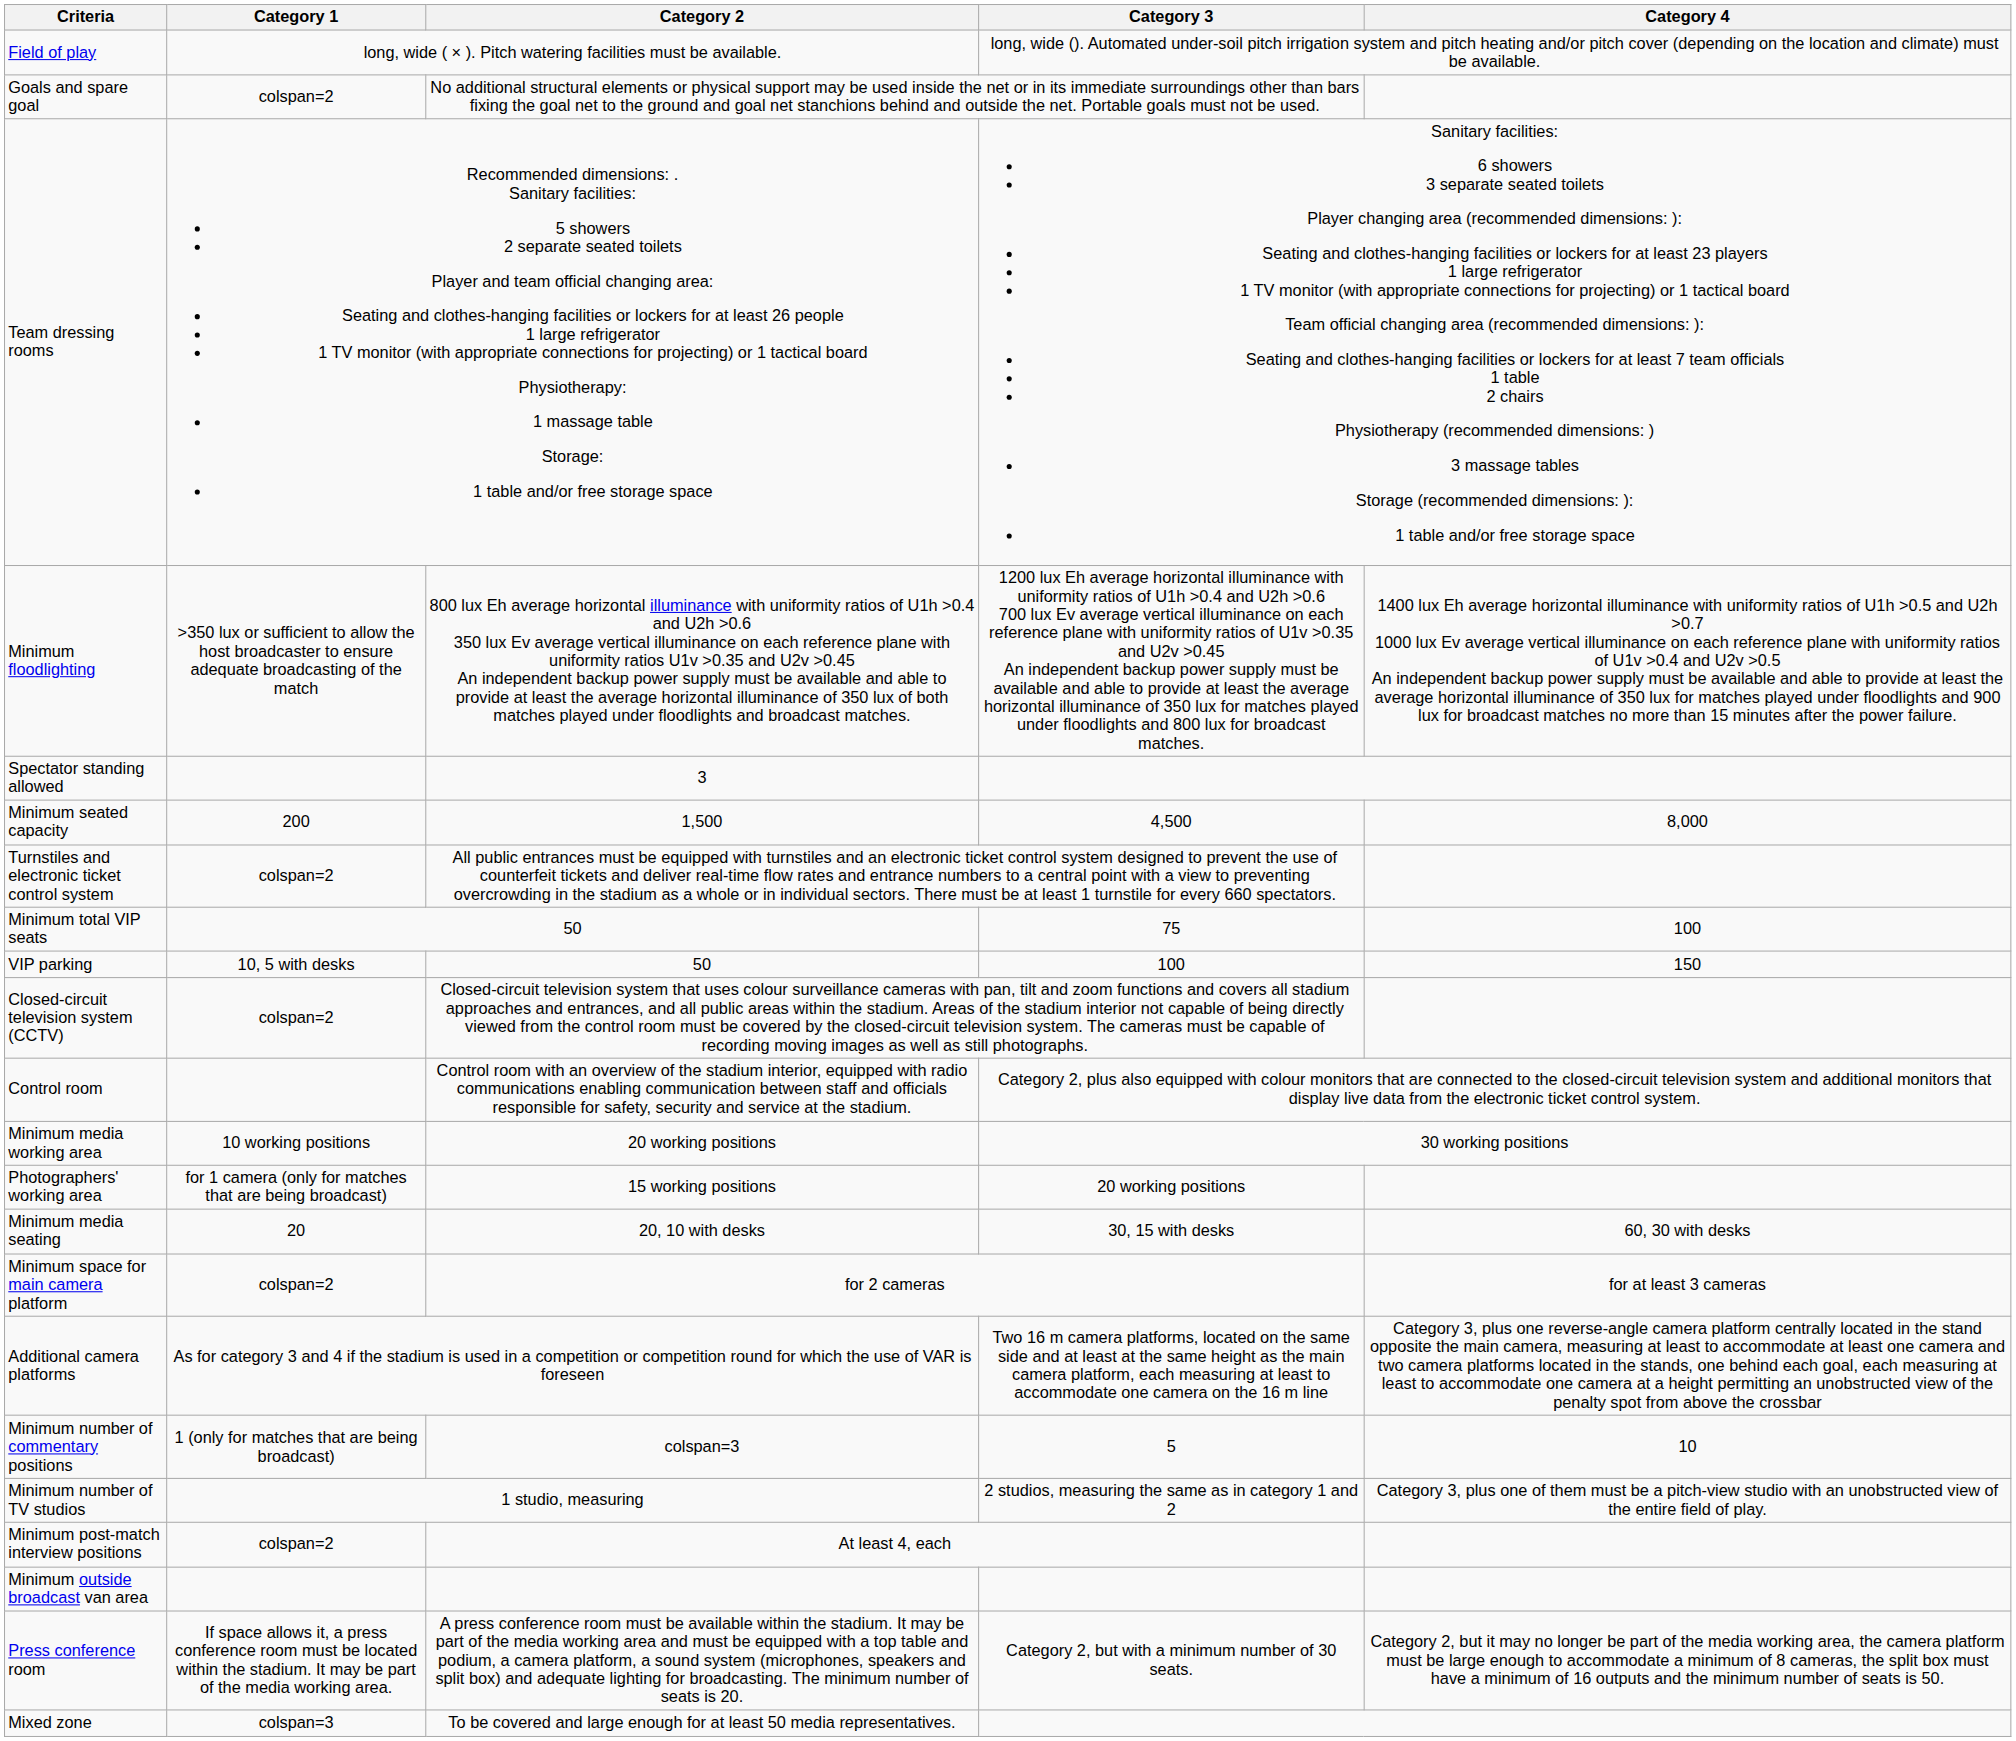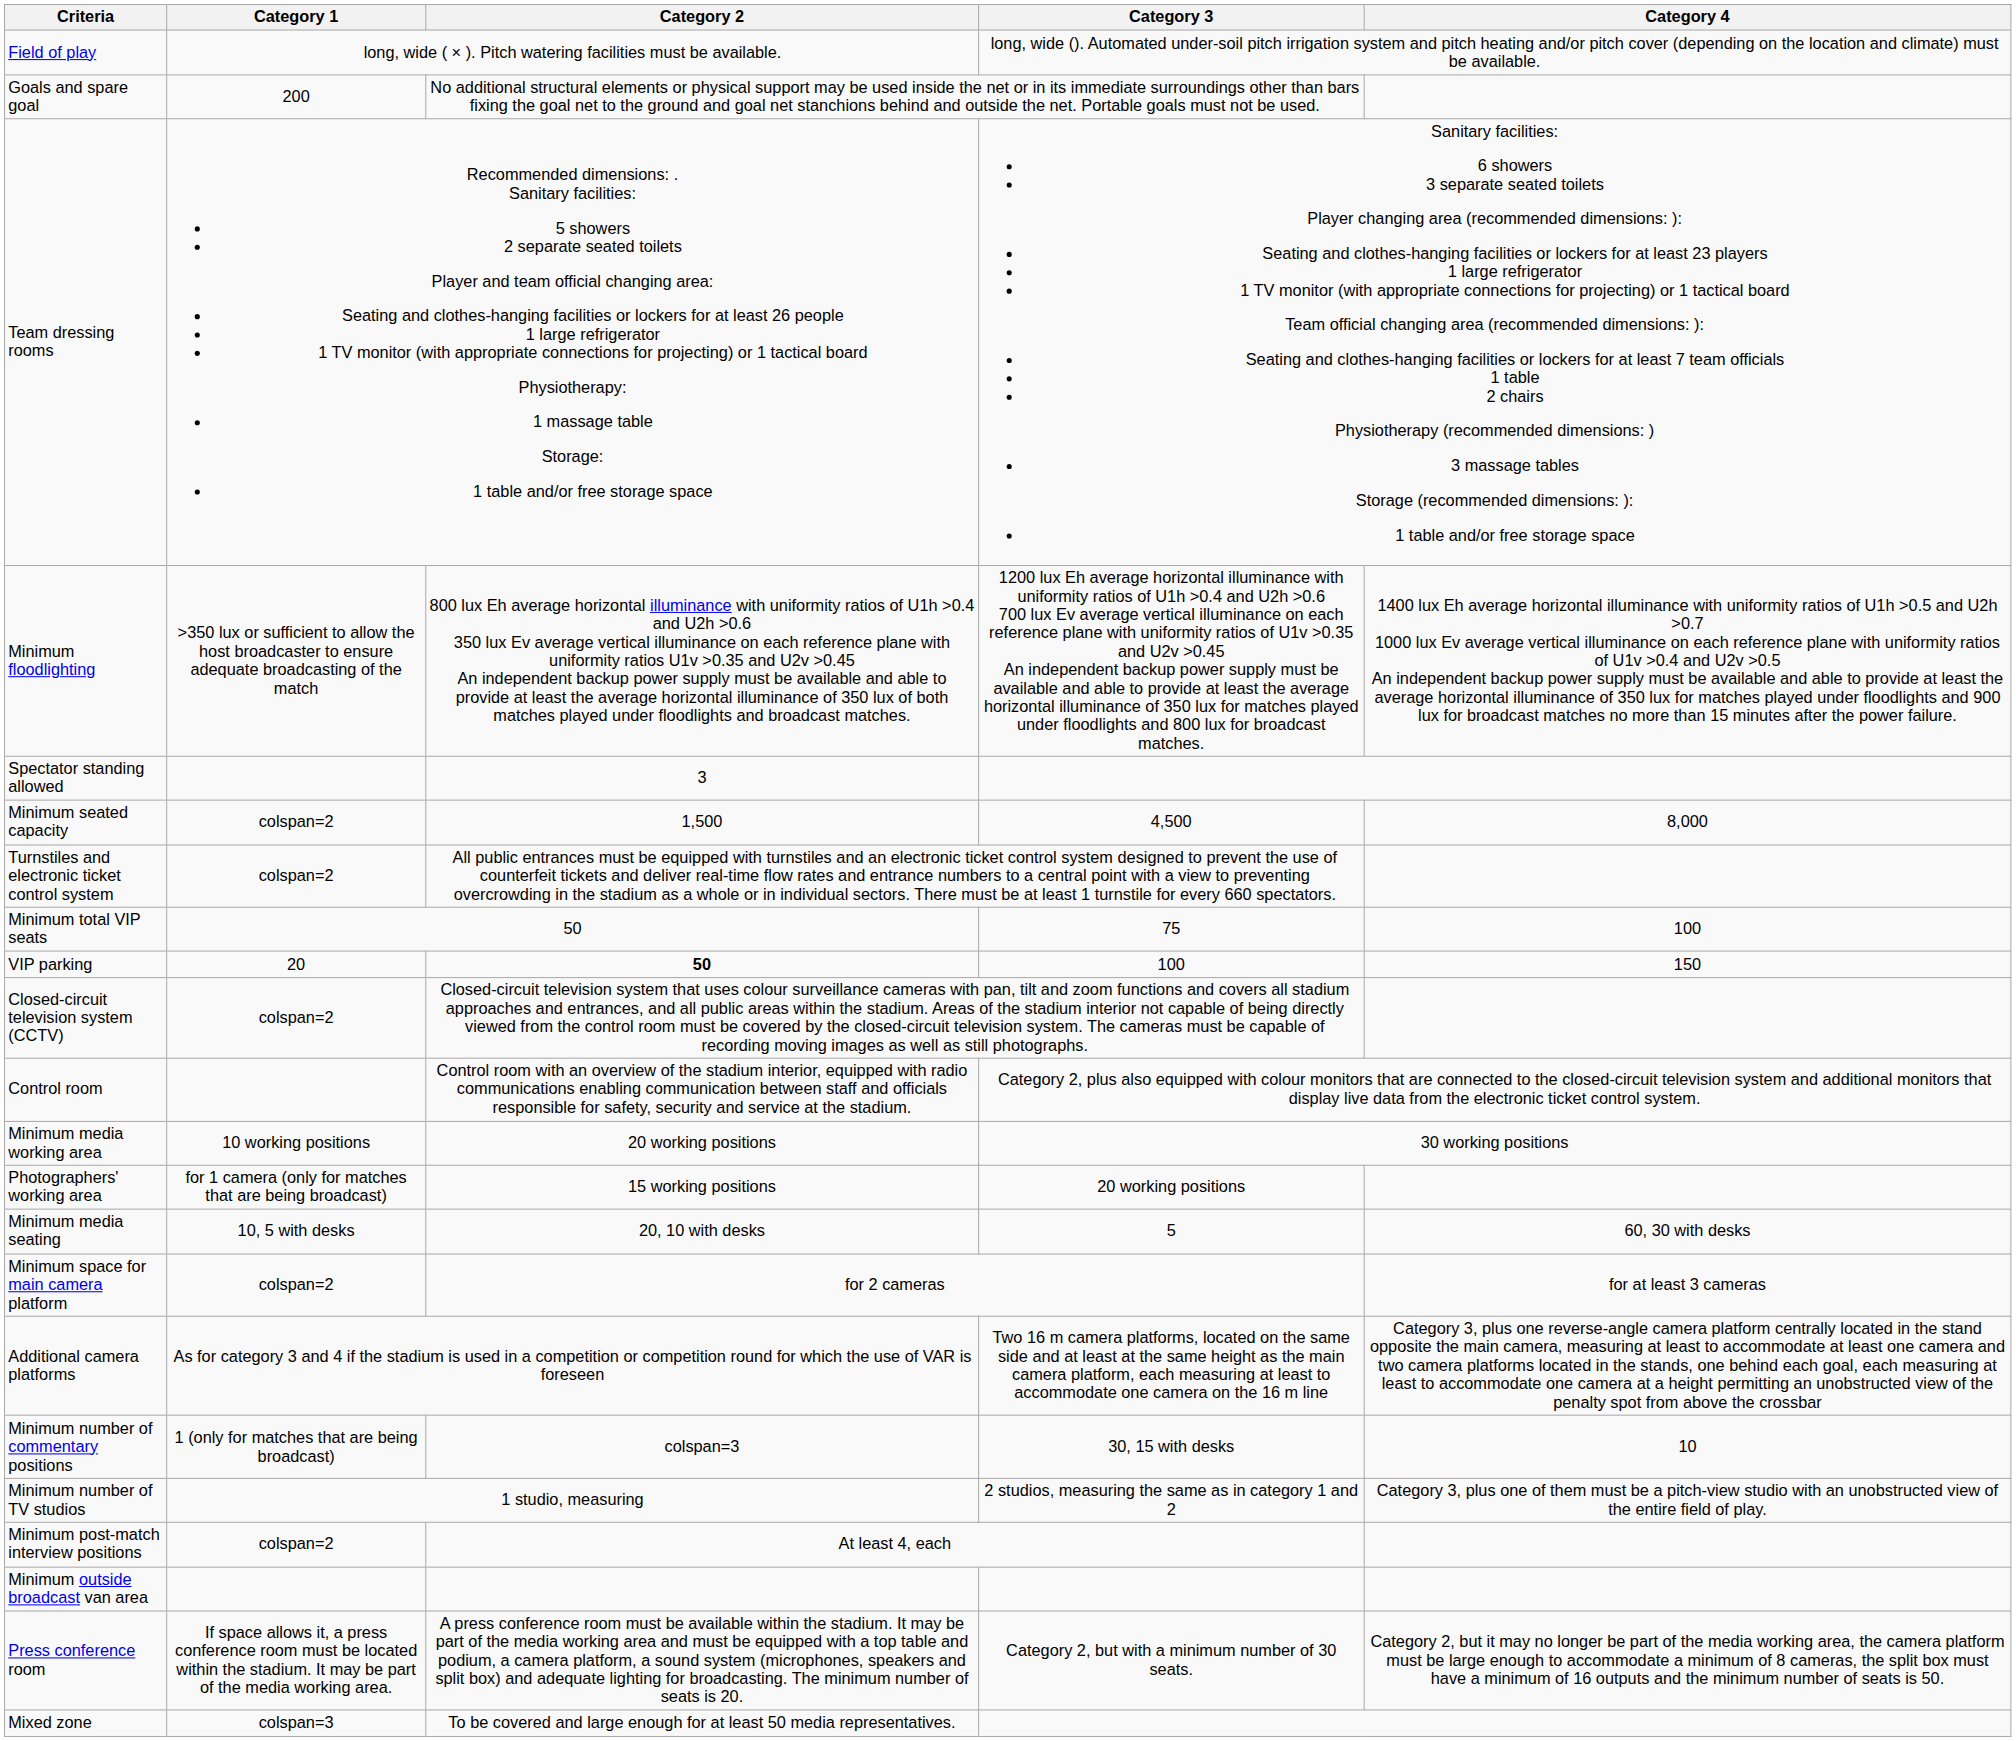 <table class="wikitable">
 <tr>
 <th>Criteria</th>
 <th>Category 1</th>
 <th>Category 2</th>
 <th>Category 3</th>
 <th>Category 4</th>
 </tr>
 <tr align=center>
 <td align=left><a href='#'>Field of play</a></td>
 <td colspan=2> long,  wide ( × ). Pitch watering facilities must be available.</td>
 <td colspan=2> long,  wide (). Automated under-soil pitch irrigation system and pitch heating and/or pitch cover (depending on the location and climate) must be available.</td>
 </tr>
 <tr align=center>
 <td align=left>Goals and spare goal</td>
-<td>colspan=2                                    </td>
+<td>200</td>
 <td colspan=2>No additional structural elements or physical support may be used inside the net or in its immediate surroundings other than bars fixing the goal net to the ground and goal net stanchions behind and outside the net. Portable goals must not be used.</td>
 </tr>
 <tr align=center>
 <td align=left>Team dressing rooms</td>
 <td colspan="2">Recommended dimensions: .<br>Sanitary facilities:<br><ul><li>5 showers</li><li>2 separate seated toilets</li></ul>Player and team official changing area:<ul><li>Seating and clothes-hanging facilities or lockers for at least 26 people</li><li>1 large refrigerator</li><li>1 TV monitor (with appropriate connections for projecting) or 1 tactical board</li></ul>Physiotherapy:<ul><li>1 massage table</li></ul>Storage:<ul><li>1 table and/or free storage space</li></ul></td>
 <td colspan="2">Sanitary facilities:<br><ul><li>6 showers</li><li>3 separate seated toilets</li></ul>Player changing area (recommended dimensions: ):<ul><li>Seating and clothes-hanging facilities or lockers for at least 23 players</li><li>1 large refrigerator</li><li>1 TV monitor (with appropriate connections for projecting) or 1 tactical board</li></ul>Team official changing area (recommended dimensions: ):<ul><li>Seating and clothes-hanging facilities or lockers for at least 7 team officials</li><li>1 table</li><li>2 chairs</li></ul>Physiotherapy (recommended dimensions: )<ul><li>3 massage tables</li></ul>Storage (recommended dimensions: ):<ul><li>1 table and/or free storage space</li></ul></td>
 </tr>
 <tr align=center>
 <td align=left>Minimum <a href='#'>floodlighting</a></td>
 <td>>350 lux or sufficient to allow the host broadcaster to ensure adequate broadcasting of the match</td>
 <td>800 lux Eh average horizontal <a href='#'>illuminance</a> with uniformity ratios of U1h >0.4 and U2h >0.6<br>350 lux Ev average vertical illuminance on each reference plane with uniformity ratios U1v >0.35 and U2v >0.45<br>An independent backup power supply must be available and able to provide at least the average horizontal illuminance of 350 lux of both matches played under floodlights and broadcast matches.</td>
 <td>1200 lux Eh average horizontal illuminance with uniformity ratios of U1h >0.4 and U2h >0.6<br>700 lux Ev average vertical illuminance on each reference plane with uniformity ratios of U1v >0.35 and U2v >0.45<br>An independent backup power supply must be available and able to provide at least the average horizontal illuminance of 350 lux for matches played under floodlights and 800 lux for broadcast matches.</td>
 <td>1400 lux Eh average horizontal illuminance with uniformity ratios of U1h >0.5 and U2h >0.7<br>1000 lux Ev average vertical illuminance on each reference plane with uniformity ratios of U1v >0.4 and U2v >0.5<br>An independent backup power supply must be available and able to provide at least the average horizontal illuminance of 350 lux for matches played under floodlights and 900 lux for broadcast matches no more than 15 minutes after the power failure.</td>
 </tr>
 <tr align=center>
 <td align=left>Spectator standing allowed</td>
 <td></td>
 <td>3</td>
 </tr>
 <tr align=center>
 <td align=left>Minimum seated capacity</td>
-<td>200</td>
+<td>colspan=2                                    </td>
 <td>1,500</td>
 <td>4,500</td>
 <td>8,000</td>
 </tr>
 <tr align=center>
 <td align=left>Turnstiles and electronic ticket control system</td>
 <td>colspan=2     </td>
 <td colspan="2">All public entrances must be equipped with turnstiles and an electronic ticket control system designed to prevent the use of counterfeit tickets and deliver real-time flow rates and entrance numbers to a central point with a view to preventing overcrowding in the stadium as a whole or in individual sectors. There must be at least 1 turnstile for every 660 spectators.</td>
 </tr>
 <tr align=center>
 <td align=left>Minimum total VIP seats</td>
 <td colspan=2>50</td>
 <td>75</td>
 <td>100</td>
 </tr>
 <tr align=center>
 <td align=left>VIP parking</td>
-<td>10,  5 with desks</td>
-<td>50</td>
+<td>20</td>
+<td><strong>50</strong></td>
 <td>100</td>
 <td>150</td>
 </tr>
 <tr align=center>
 <td align=left>Closed-circuit television system (CCTV)</td>
 <td>colspan=2     </td>
 <td colspan="2">Closed-circuit television system that uses colour surveillance cameras with pan, tilt and zoom functions and covers all stadium approaches and entrances, and all public areas within the stadium. Areas of the stadium interior not capable of being directly viewed from the control room must be covered by the closed-circuit television system. The cameras must be capable of recording moving images as well as still photographs.</td>
 </tr>
 <tr align=center>
 <td align=left>Control room</td>
 <td></td>
 <td>Control room with an overview of the stadium interior, equipped with radio communications enabling communication between staff and officials responsible for safety, security and service at the stadium.</td>
 <td colspan="2">Category 2, plus also equipped with colour monitors that are connected to the closed-circuit television system and additional monitors that display live data from the electronic ticket control system.</td>
 </tr>
 <tr align=center>
 <td align=left>Minimum media working area</td>
 <td>10 working positions</td>
 <td>20 working positions</td>
 <td colspan=2>30 working positions</td>
 </tr>
 <tr align=center>
 <td align=left>Photographers' working area</td>
 <td> for 1 camera (only for matches that are being broadcast)</td>
 <td>15 working positions</td>
 <td>20 working positions</td>
 </tr>
 <tr align=center>
 <td align=left>Minimum media seating</td>
-<td>20</td>
+<td>10,  5 with desks</td>
 <td>20, 10 with desks</td>
-<td>30, 15 with desks</td>
+<td>5</td>
 <td>60, 30 with desks</td>
 </tr>
 <tr align=center>
 <td align=left>Minimum space for <a href='#'>main camera</a> platform</td>
 <td>colspan=2                                    </td>
 <td colspan=2> for 2 cameras</td>
 <td> for at least 3 cameras</td>
 </tr>
 <tr align=center>
 <td align=left>Additional camera platforms</td>
 <td colspan=2>As for category 3 and 4 if the stadium is used in a competition or competition round for which the use of VAR is foreseen</td>
 <td>Two 16 m camera platforms, located on the same side and at least at the same height as the main camera platform, each measuring at least  to accommodate one camera on the 16 m line</td>
 <td>Category 3, plus one reverse-angle camera platform centrally located in the stand opposite the main camera, measuring at least  to accommodate at least one camera and two camera platforms located in the stands, one behind each goal, each measuring at least  to accommodate one camera at a height permitting an unobstructed view of the penalty spot from above the crossbar</td>
 </tr>
 <tr align=center>
 <td align=left>Minimum number of <a href='#'>commentary</a> positions</td>
 <td>1 (only for matches that are being broadcast)</td>
 <td>colspan=3 </td>
-<td>5</td>
+<td>30, 15 with desks</td>
 <td>10</td>
 </tr>
 <tr align=center>
 <td align=left>Minimum number of TV studios</td>
 <td colspan=2>1 studio, measuring </td>
 <td>2 studios, measuring the same as in category 1 and 2</td>
 <td>Category 3, plus one of them must be a pitch-view studio with an unobstructed view of the entire field of play.</td>
 </tr>
 <tr align=center>
 <td align=left>Minimum post-match interview positions</td>
 <td>colspan=2                                    </td>
 <td colspan=2>At least 4, each </td>
 </tr>
 <tr align=center>
 <td align=left>Minimum <a href='#'>outside broadcast</a> van area</td>
 <td></td>
 <td></td>
 <td></td>
 <td></td>
 </tr>
 <tr align=center>
 <td align=left><a href='#'>Press conference</a> room</td>
 <td>If space allows it, a press conference room must be located within the stadium. It may be part of the media working area.</td>
 <td>A press conference room must be available within the stadium. It may be part of the media working area and must be equipped with a top table and podium, a camera platform, a sound system (microphones, speakers and split box) and adequate lighting for broadcasting. The minimum number of seats is 20.</td>
 <td>Category 2, but with a minimum number of 30 seats.</td>
 <td>Category 2, but it may no longer be part of the media working area, the camera platform must be large enough to accommodate a minimum of 8 cameras, the split box must have a minimum of 16 outputs and the minimum number of seats is 50.</td>
 </tr>
 <tr align=center>
 <td align=left>Mixed zone</td>
 <td>colspan=3  </td>
 <td>To be covered and large enough for at least 50 media representatives.</td>
 </tr>
 </table>
